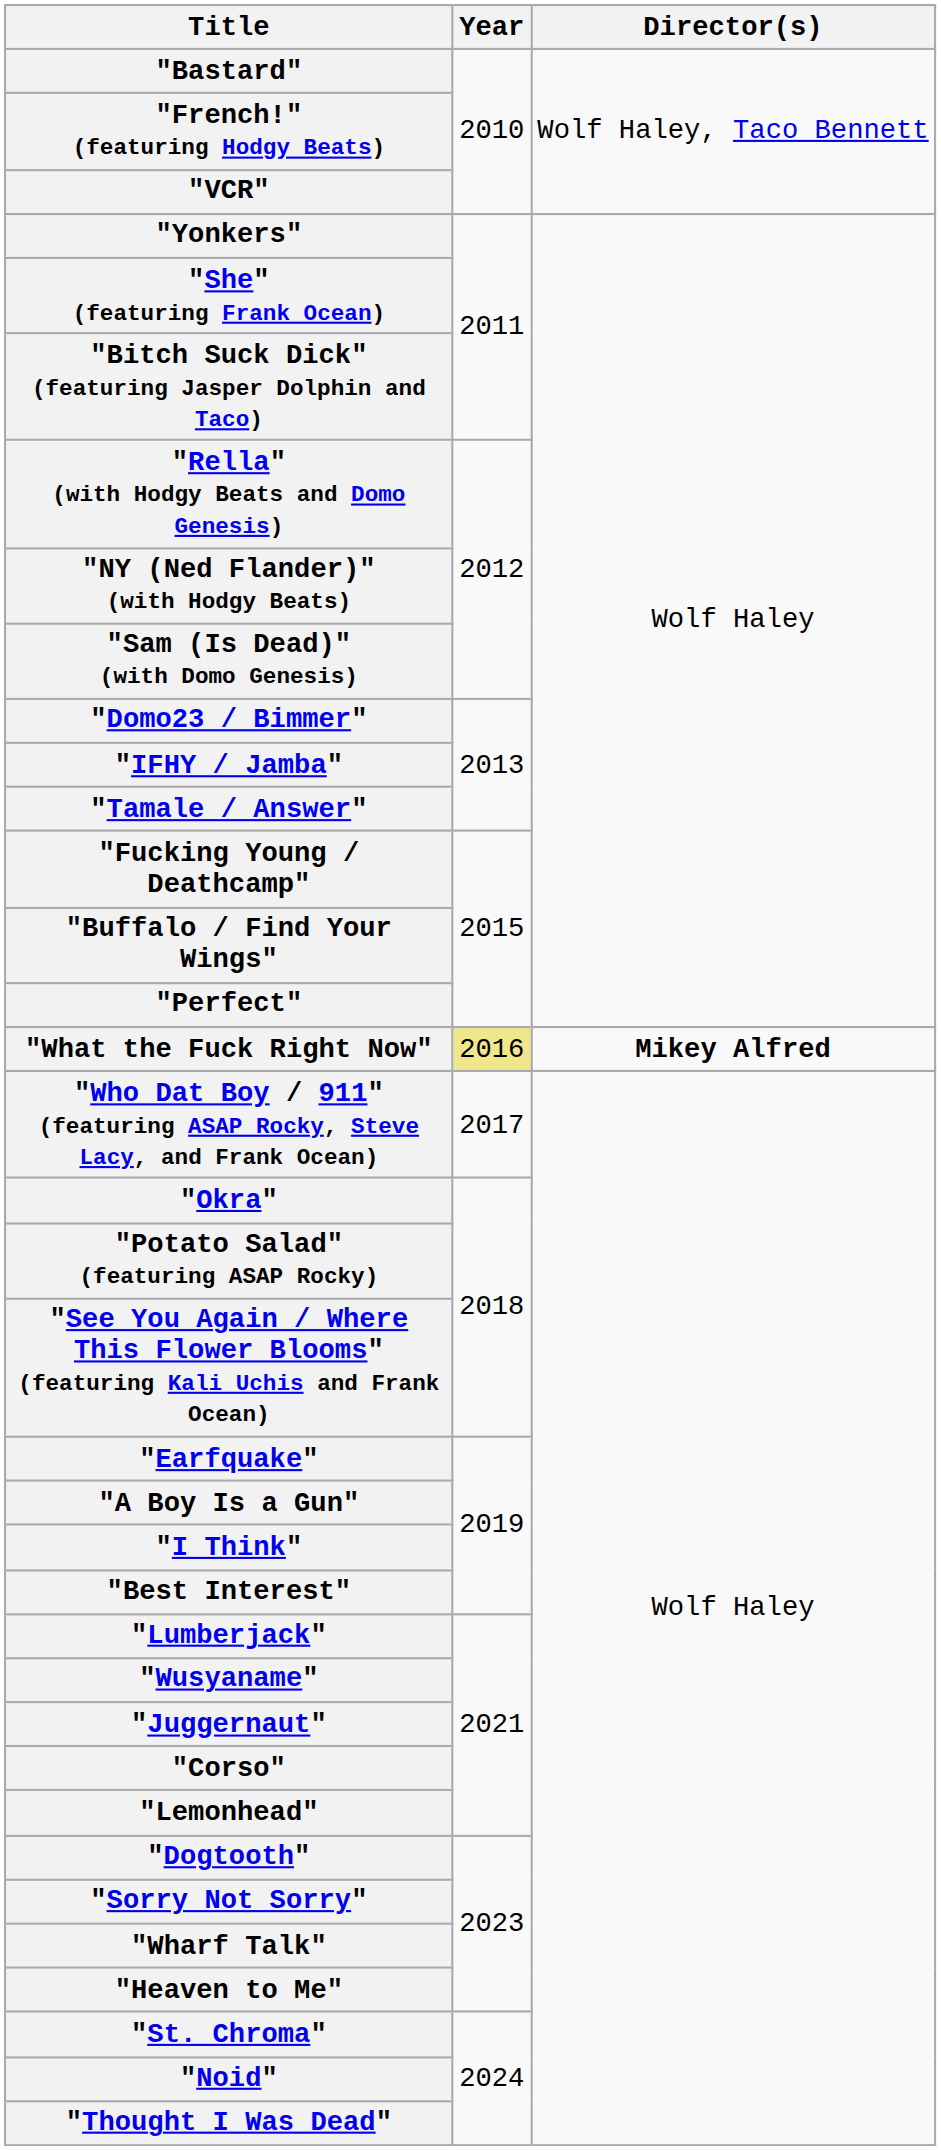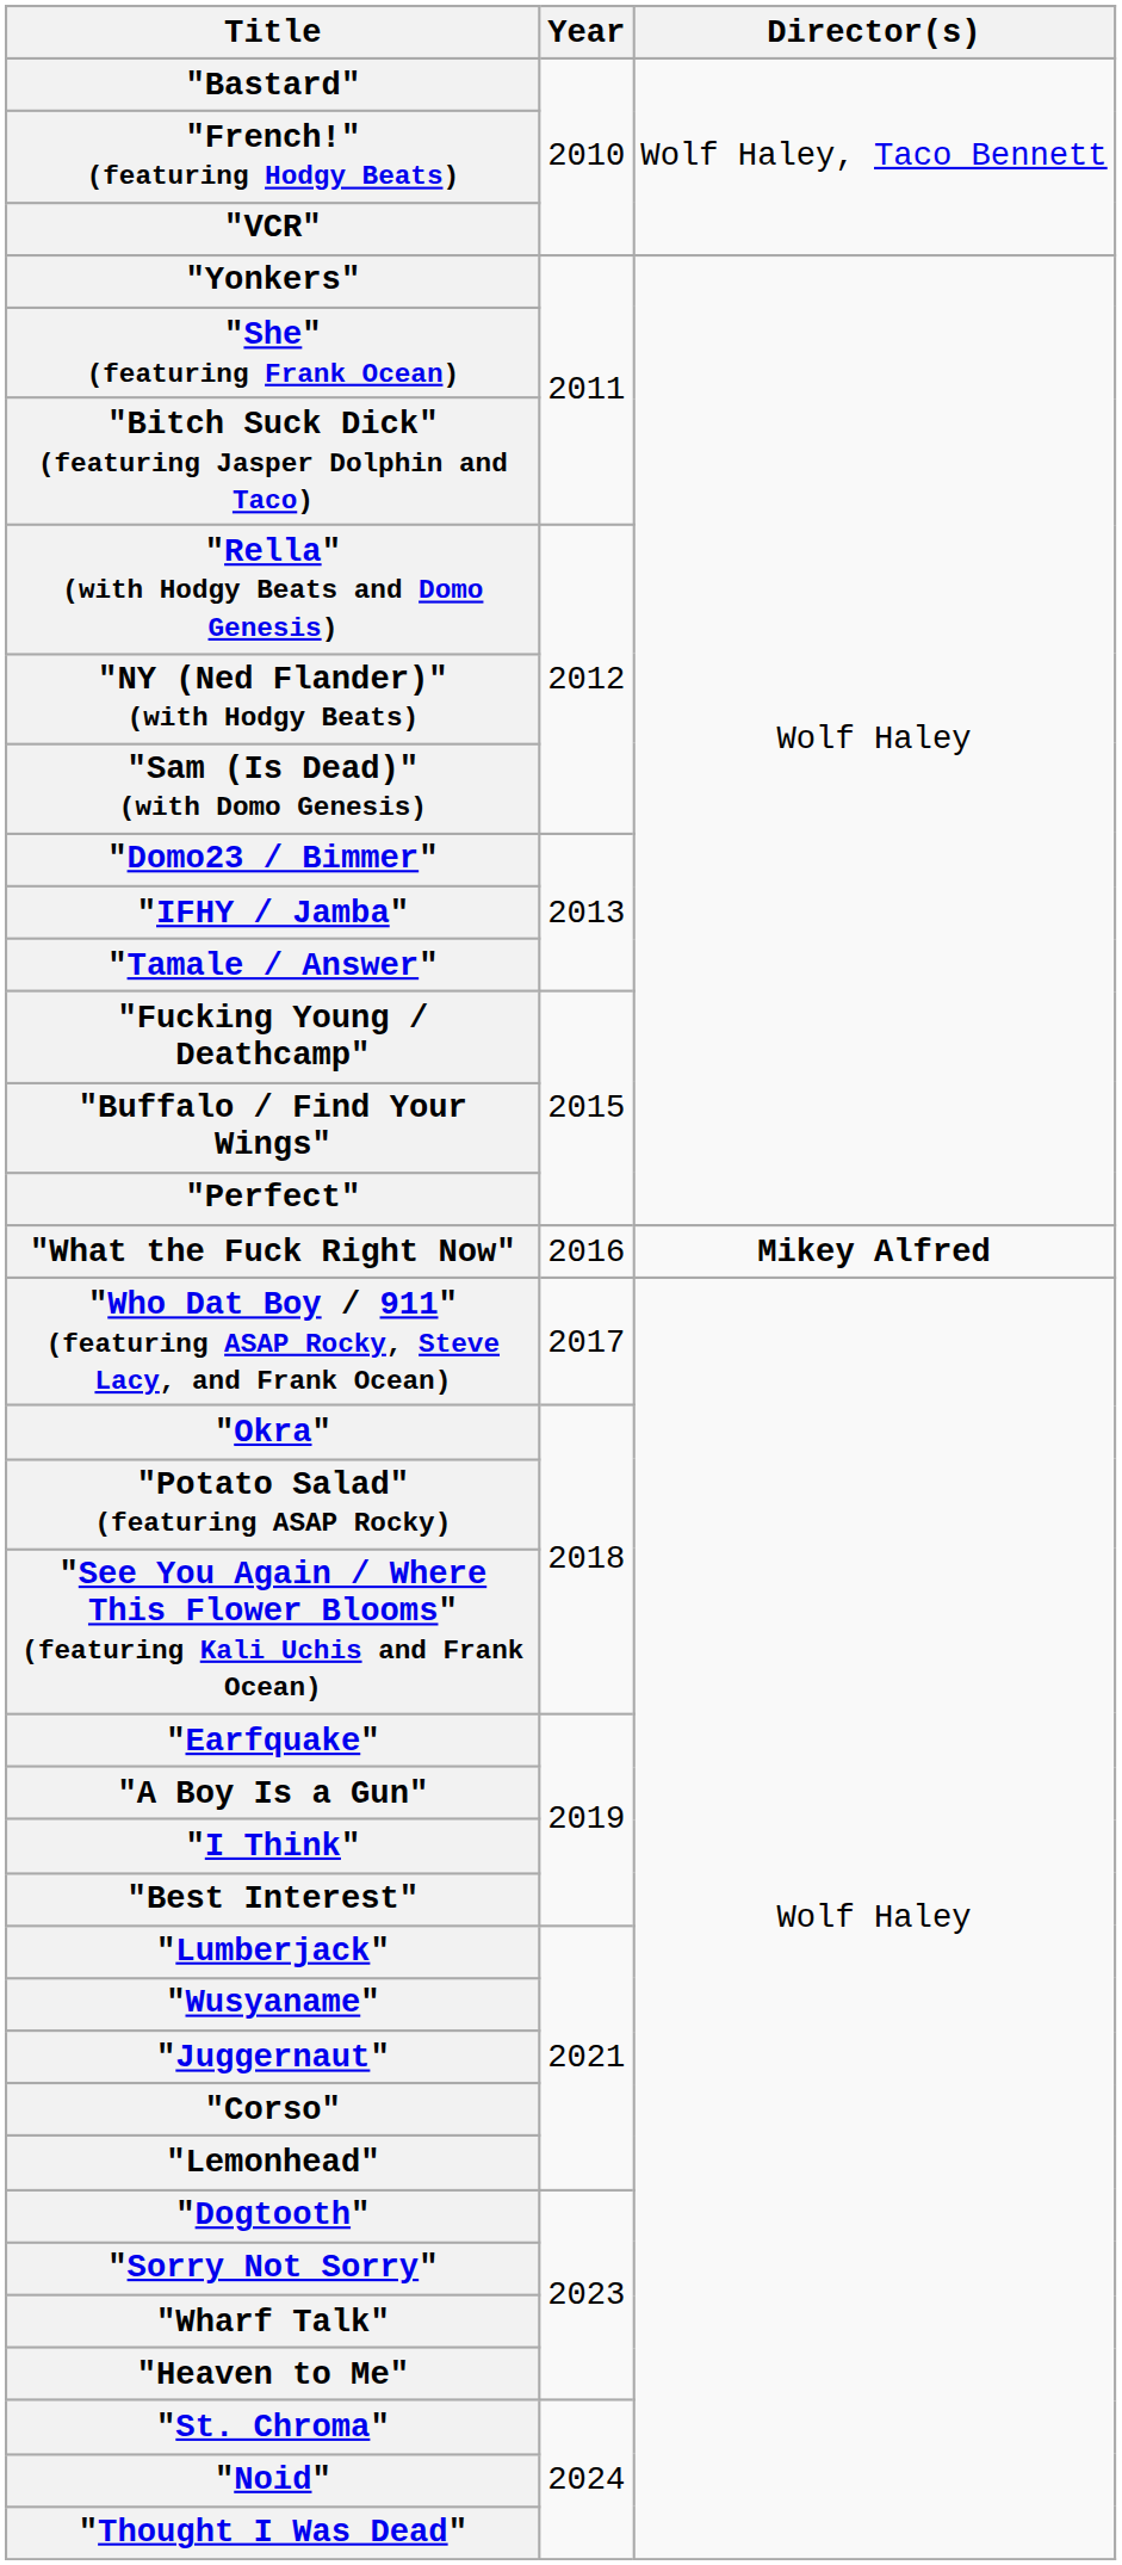 <table class="wikitable plainrowheaders" style="text-align:center;">
 <tr>
 <th scope="col" style="width:16em;">Title</th>
 <th scope="col">Year</th>
 <th scope="col">Director(s)</th>
 </tr>
 <tr>
 <th scope="row">"Bastard"</th>
 <td rowspan="3">2010</td>
 <td rowspan="3">Wolf Haley, <a href='#'>Taco Bennett</a></td>
 </tr>
 <tr>
 <th scope="row">"French!"<br><small>(featuring <a href='#'>Hodgy Beats</a>)</small></th>
 </tr>
 <tr>
 <th scope="row">"VCR"</th>
 </tr>
 <tr>
 <th scope="row">"Yonkers"</th>
 <td rowspan="3">2011</td>
 <td rowspan="12">Wolf Haley</td>
 </tr>
 <tr>
 <th scope="row">"<a href='#'>She</a>"<br><small>(featuring <a href='#'>Frank Ocean</a>)</small></th>
 </tr>
 <tr>
 <th scope="row">"Bitch Suck Dick"<br><small>(featuring Jasper Dolphin and <a href='#'>Taco</a>)</small></th>
 </tr>
 <tr>
 <th scope="row">"<a href='#'>Rella</a>"<br><small>(with Hodgy Beats and <a href='#'>Domo Genesis</a>)</small></th>
 <td rowspan="3">2012</td>
 </tr>
 <tr>
 <th scope="row">"NY (Ned Flander)"<br><small>(with Hodgy Beats)</small></th>
 </tr>
 <tr>
 <th scope="row">"Sam (Is Dead)"<br><small>(with Domo Genesis)</small></th>
 </tr>
 <tr>
 <th scope="row">"<a href='#'>Domo23 /  Bimmer</a>"</th>
 <td rowspan="3">2013</td>
 </tr>
 <tr>
 <th scope="row">"<a href='#'>IFHY / Jamba</a>"</th>
 </tr>
 <tr>
 <th scope="row">"<a href='#'>Tamale / Answer</a>"</th>
 </tr>
 <tr>
 <th scope="row">"Fucking Young / Deathcamp"</th>
 <td rowspan="3">2015</td>
 </tr>
 <tr>
 <th scope="row">"Buffalo / Find Your Wings"</th>
 </tr>
 <tr>
 <th scope="row">"Perfect"</th>
 </tr>
 <tr>
 <th scope="row">"What the Fuck Right Now"</th>
-<td style="background: khaki;">2016</td>
+<td>2016</td>
 <td><strong>Mikey Alfred</strong></td>
 </tr>
 <tr>
 <th scope="row">"<a href='#'>Who Dat Boy</a> / <a href='#'>911</a>" <br><small>(featuring <a href='#'>ASAP Rocky</a>, <a href='#'>Steve Lacy</a>, and Frank Ocean)</small></th>
 <td>2017</td>
 <td rowspan="20">Wolf Haley</td>
 </tr>
 <tr>
 <th scope="row">"<a href='#'>Okra</a>"</th>
 <td rowspan="3">2018</td>
 </tr>
 <tr>
 <th scope="row">"Potato Salad"<br><small>(featuring ASAP Rocky)</small></th>
 </tr>
 <tr>
 <th scope="row">"<a href='#'>See You Again / Where This Flower Blooms</a>"<br><small>(featuring <a href='#'>Kali Uchis</a> and Frank Ocean)</small></th>
 </tr>
 <tr>
 <th scope="row">"<a href='#'>Earfquake</a>"</th>
 <td rowspan="4">2019</td>
 </tr>
 <tr>
 <th scope="row">"A Boy Is a Gun"</th>
 </tr>
 <tr>
 <th scope="row">"<a href='#'>I Think</a>"</th>
 </tr>
 <tr>
 <th scope="row">"Best Interest"</th>
 </tr>
 <tr>
 <th scope="row">"<a href='#'>Lumberjack</a>"</th>
 <td rowspan="5">2021</td>
 </tr>
 <tr>
 <th scope="row">"<a href='#'>Wusyaname</a>"</th>
 </tr>
 <tr>
 <th scope="row">"<a href='#'>Juggernaut</a>"</th>
 </tr>
 <tr>
 <th scope="row">"Corso"</th>
 </tr>
 <tr>
 <th scope="row">"Lemonhead"</th>
 </tr>
 <tr>
 <th scope="row">"<a href='#'>Dogtooth</a>"</th>
 <td rowspan="4">2023</td>
 </tr>
 <tr>
 <th scope="row">"<a href='#'>Sorry Not Sorry</a>"</th>
 </tr>
 <tr>
 <th scope="row">"Wharf Talk"</th>
 </tr>
 <tr>
 <th scope="row">"Heaven to Me"</th>
 </tr>
 <tr>
 <th scope="row">"<a href='#'>St. Chroma</a>"</th>
 <td rowspan="3">2024</td>
 </tr>
 <tr>
 <th scope="row">"<a href='#'>Noid</a>"</th>
 </tr>
 <tr>
 <th scope="row">"<a href='#'>Thought I Was Dead</a>"</th>
 </tr>
 </table>
